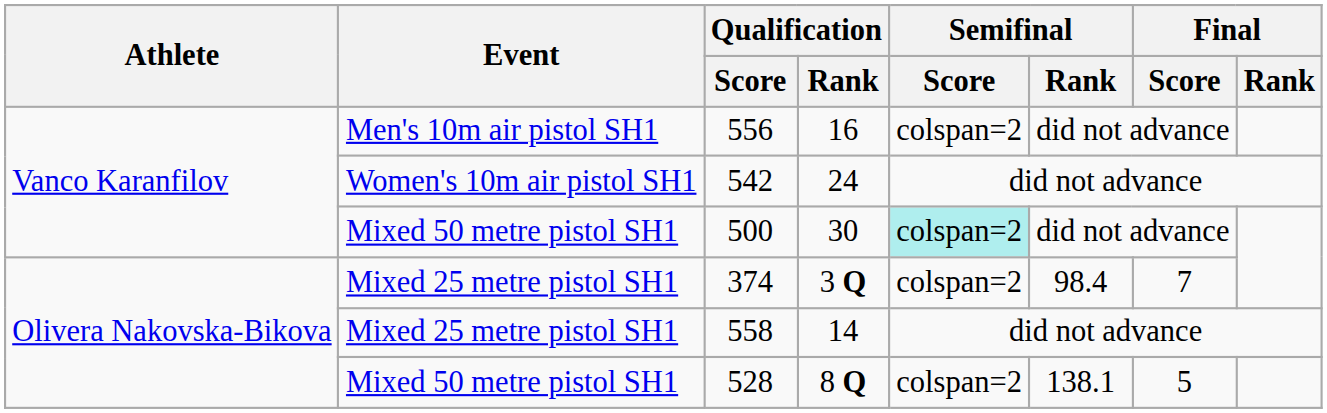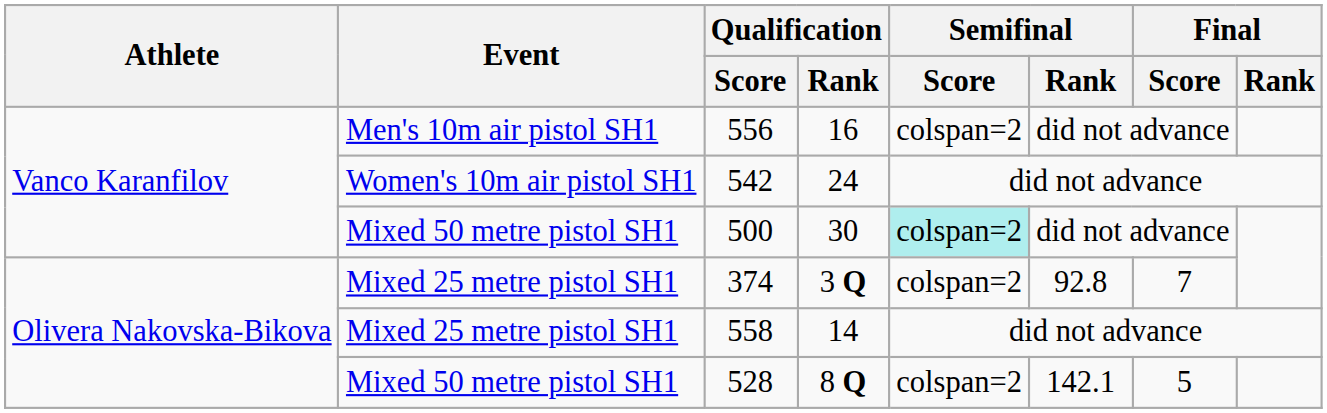 <table class=wikitable style="font-size:90%">
 <tr>
 <th rowspan="2">Athlete</th>
 <th rowspan="2">Event</th>
 <th colspan="2">Qualification</th>
 <th colspan="2">Semifinal</th>
 <th colspan="2">Final</th>
 </tr>
 <tr>
 <th>Score</th>
 <th>Rank</th>
 <th>Score</th>
 <th>Rank</th>
 <th>Score</th>
 <th>Rank</th>
 </tr>
 <tr align=center>
 <td align=left rowspan=3><a href='#'>Vanco Karanfilov</a></td>
 <td align=left><a href='#'>Men's 10m air pistol SH1</a></td>
 <td>556</td>
 <td>16</td>
 <td>colspan=2 </td>
 <td colspan=2>did not advance</td>
 </tr>
 <tr align=center>
 <td align=left><a href='#'>Women's 10m air pistol SH1</a></td>
 <td>542</td>
 <td>24</td>
 <td colspan=4>did not advance</td>
 </tr>
 <tr align=center>
 <td align=left><a href='#'>Mixed 50 metre pistol SH1</a></td>
 <td>500</td>
 <td>30</td>
 <td style="background: paleturquoise;">colspan=2 </td>
 <td colspan=2>did not advance</td>
 </tr>
 <tr align=center>
 <td align=left rowspan=3><a href='#'>Olivera Nakovska-Bikova</a></td>
 <td align=left><a href='#'>Mixed 25 metre pistol SH1</a></td>
 <td>374</td>
 <td>3 <strong>Q</strong></td>
 <td>colspan=2 </td>
-<td>98.4</td>
+<td>92.8</td>
 <td>7</td>
 </tr>
 <tr align=center>
 <td align=left><a href='#'>Mixed 25 metre pistol SH1</a></td>
 <td>558</td>
 <td>14</td>
 <td colspan=4>did not advance</td>
 </tr>
 <tr align=center>
 <td align=left><a href='#'>Mixed 50 metre pistol SH1</a></td>
 <td>528</td>
 <td>8 <strong>Q</strong></td>
 <td>colspan=2 </td>
-<td>138.1</td>
+<td>142.1</td>
 <td>5</td>
 </tr>
 </table>
